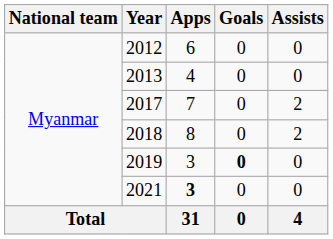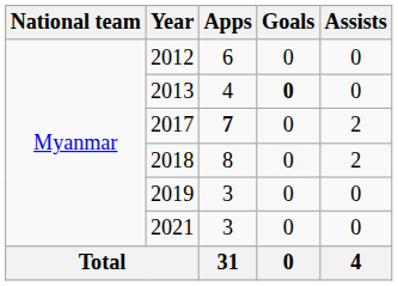 <table class=wikitable style=text-align:center>
 <tr>
 <th>National team</th>
 <th>Year</th>
 <th>Apps</th>
 <th>Goals</th>
 <th>Assists</th>
 </tr>
 <tr>
 <td rowspan=6><a href='#'>Myanmar</a></td>
 <td>2012</td>
 <td>6</td>
 <td>0</td>
 <td>0</td>
 </tr>
 <tr>
 <td>2013</td>
 <td>4</td>
-<td>0</td>
+<td><strong>0</strong></td>
 <td>0</td>
 </tr>
 <tr>
 <td>2017</td>
-<td>7</td>
+<td><strong>7</strong></td>
 <td>0</td>
 <td>2</td>
 </tr>
 <tr>
 <td>2018</td>
 <td>8</td>
 <td>0</td>
 <td>2</td>
 </tr>
 <tr>
 <td>2019</td>
 <td>3</td>
-<td><strong>0</strong></td>
+<td>0</td>
 <td>0</td>
 </tr>
 <tr>
 <td>2021</td>
-<td><strong>3</strong></td>
+<td>3</td>
 <td>0</td>
 <td>0</td>
 </tr>
 <tr>
 <th colspan=2>Total</th>
 <th>31</th>
 <th>0</th>
 <th>4</th>
 </tr>
 </table>
